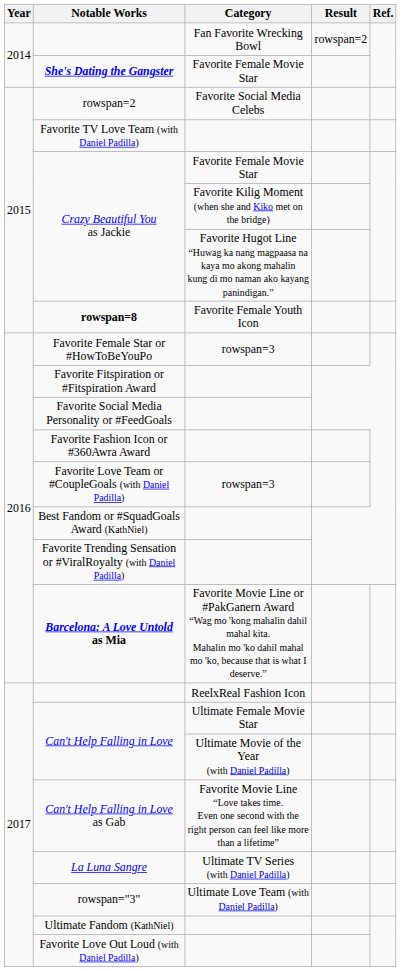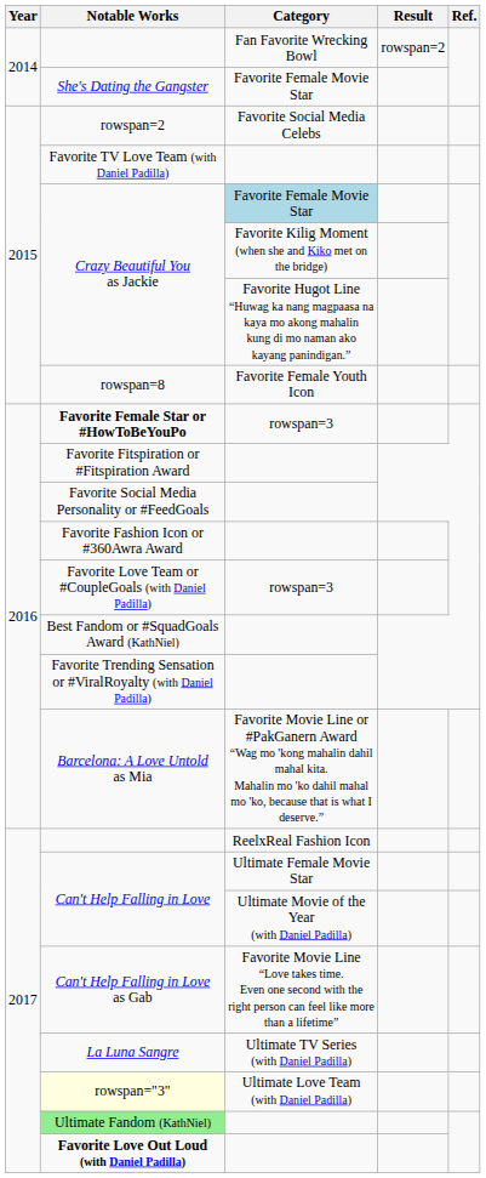 <table class="wikitable sortable"  style="text-align:center; width:60%;">
 <tr>
 <th>Year</th>
 <th>Notable Works</th>
 <th>Category</th>
 <th>Result</th>
 <th>Ref.</th>
 </tr>
 <tr>
 <td rowspan=2>2014</td>
 <td></td>
 <td>Fan Favorite Wrecking Bowl</td>
 <td>rowspan=2 </td>
 <td rowspan=2></td>
 </tr>
 <tr>
-<td><strong><em><a href='#'>She's Dating the Gangster</a></em></strong></td>
+<td><em><a href='#'>She's Dating the Gangster</a></em></td>
 <td>Favorite Female Movie Star</td>
 </tr>
 <tr>
 <td rowspan="6">2015</td>
 <td>rowspan=2 </td>
 <td>Favorite Social Media Celebs</td>
 <td></td>
 <td></td>
 </tr>
 <tr>
 <td>Favorite TV Love Team <small>(with <a href='#'>Daniel Padilla</a>)</small></td>
 <td></td>
 <td></td>
 </tr>
 <tr>
 <td rowspan="3"><em><a href='#'>Crazy Beautiful You</a></em><br>as Jackie</td>
-<td>Favorite Female Movie Star</td>
+<td style="background: lightblue;">Favorite Female Movie Star</td>
 <td></td>
 <td rowspan=3></td>
 </tr>
 <tr>
 <td>Favorite Kilig Moment <small>(when she and <a href='#'>Kiko</a> met on the bridge)</small></td>
 <td></td>
 </tr>
 <tr>
 <td>Favorite Hugot Line <br><small>“Huwag ka nang magpaasa na kaya mo akong mahalin<br>kung di mo naman ako kayang panindigan.”</small></td>
 <td></td>
 </tr>
 <tr>
-<td><strong>rowspan=8 </strong></td>
+<td>rowspan=8 </td>
 <td>Favorite Female Youth Icon</td>
 <td></td>
 <td></td>
 </tr>
 <tr>
 <td rowspan=8>2016</td>
-<td>Favorite Female Star or #HowToBeYouPo</td>
+<td><strong>Favorite Female Star or #HowToBeYouPo</strong></td>
 <td>rowspan=3 </td>
 <td></td>
 </tr>
 <tr>
 <td>Favorite Fitspiration or #Fitspiration Award</td>
 <td></td>
 </tr>
 <tr>
 <td>Favorite Social Media Personality or #FeedGoals</td>
 <td></td>
 </tr>
 <tr>
 <td>Favorite Fashion Icon or #360Awra Award</td>
 <td></td>
 <td><br></td>
 </tr>
 <tr>
 <td>Favorite Love Team or #CoupleGoals <small>(with <a href='#'>Daniel Padilla</a>)</small></td>
 <td>rowspan=3 </td>
 <td></td>
 </tr>
 <tr>
 <td>Best Fandom or #SquadGoals Award <small>(KathNiel)</small></td>
 <td></td>
 </tr>
 <tr>
 <td>Favorite Trending Sensation or #ViralRoyalty <small>(with <a href='#'>Daniel Padilla</a>)</small></td>
 <td></td>
 </tr>
 <tr>
-<td><strong><em><a href='#'>Barcelona: A Love Untold</a></em><br>as Mia</strong></td>
+<td><em><a href='#'>Barcelona: A Love Untold</a></em><br>as Mia</td>
 <td>Favorite Movie Line or #PakGanern Award <br><small>“Wag mo 'kong mahalin dahil mahal kita.<br>Mahalin mo 'ko dahil mahal mo 'ko, because that is what I deserve.”</small></td>
 <td></td>
 <td><br></td>
 </tr>
 <tr>
 <td rowspan="8">2017</td>
 <td></td>
 <td>ReelxReal Fashion Icon</td>
 <td></td>
 <td></td>
 </tr>
 <tr>
 <td rowspan="2"><em><a href='#'>Can't Help Falling in Love</a></em></td>
 <td>Ultimate Female Movie Star</td>
 <td></td>
 <td></td>
 </tr>
 <tr>
 <td>Ultimate Movie of the Year <br><small>(with <a href='#'>Daniel Padilla</a>)</small><br></td>
 <td></td>
 <td></td>
 </tr>
 <tr>
 <td><em><a href='#'>Can't Help Falling in Love</a></em><br>as Gab</td>
 <td>Favorite Movie Line <br><small>“Love takes time.<br>Even one second with the right person can feel like more than a lifetime”</small></td>
 <td></td>
 <td></td>
 </tr>
 <tr>
 <td><em><a href='#'>La Luna Sangre</a></em></td>
 <td>Ultimate TV Series  <br><small>(with <a href='#'>Daniel Padilla</a>)</small></td>
 <td></td>
 <td></td>
 </tr>
 <tr>
-<td>rowspan="3" </td>
+<td style="background: lightyellow;">rowspan="3" </td>
 <td>Ultimate Love Team <small>(with <a href='#'>Daniel Padilla</a>)</small></td>
 <td></td>
 <td></td>
 </tr>
 <tr>
-<td>Ultimate Fandom <small>(KathNiel)</small></td>
+<td style="background: lightgreen;">Ultimate Fandom <small>(KathNiel)</small></td>
 <td></td>
 <td></td>
 </tr>
 <tr>
-<td>Favorite Love Out Loud <small>(with <a href='#'>Daniel Padilla</a>)</small></td>
+<td><strong>Favorite Love Out Loud <small>(with <a href='#'>Daniel Padilla</a>)</small></strong></td>
 <td></td>
 <td></td>
 </tr>
 </table>
